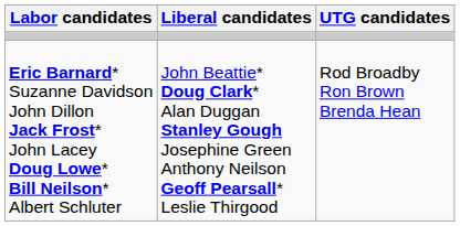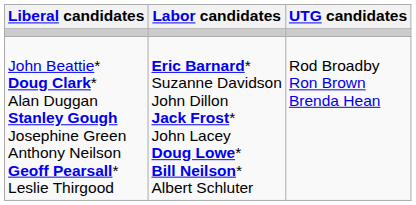 <table class="wikitable">
 <tr>
+<th><a href='#'>Liberal</a> candidates</th>
 <th><a href='#'>Labor</a> candidates</th>
-<th><a href='#'>Liberal</a> candidates</th>
 <th><a href='#'>UTG</a> candidates</th>
 </tr>
 <tr bgcolor="#cccccc">
 <td></td>
 <td></td>
 <td></td>
 </tr>
 <tr>
+<td><br><a href='#'>John Beattie</a>*<br> <strong><a href='#'>Doug Clark</a></strong>*<br> Alan Duggan<br> <strong><a href='#'>Stanley Gough</a></strong><br> Josephine Green<br> Anthony Neilson<br> <strong><a href='#'>Geoff Pearsall</a></strong>*<br> Leslie Thirgood</td>
 <td><br><strong><a href='#'>Eric Barnard</a></strong>*<br> Suzanne Davidson<br> John Dillon<br> <strong><a href='#'>Jack Frost</a></strong>*<br> John Lacey<br> <strong><a href='#'>Doug Lowe</a></strong>*<br> <strong><a href='#'>Bill Neilson</a></strong>*<br> Albert Schluter</td>
-<td><br><a href='#'>John Beattie</a>*<br> <strong><a href='#'>Doug Clark</a></strong>*<br> Alan Duggan<br> <strong><a href='#'>Stanley Gough</a></strong><br> Josephine Green<br> Anthony Neilson<br> <strong><a href='#'>Geoff Pearsall</a></strong>*<br> Leslie Thirgood</td>
 <td valign=top><br>Rod Broadby<br> <a href='#'>Ron Brown</a><br> <a href='#'>Brenda Hean</a></td>
 </tr>
 </table>
